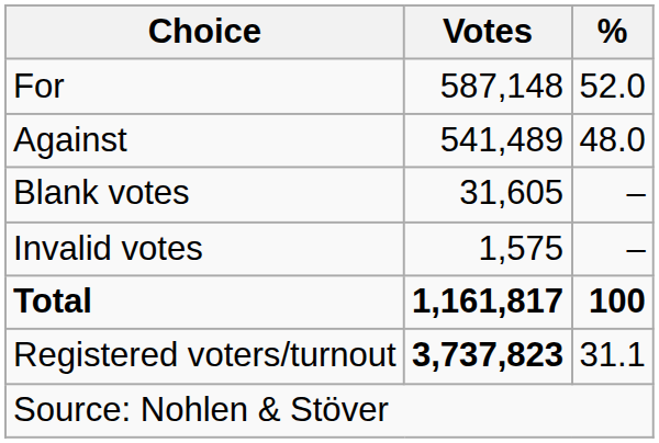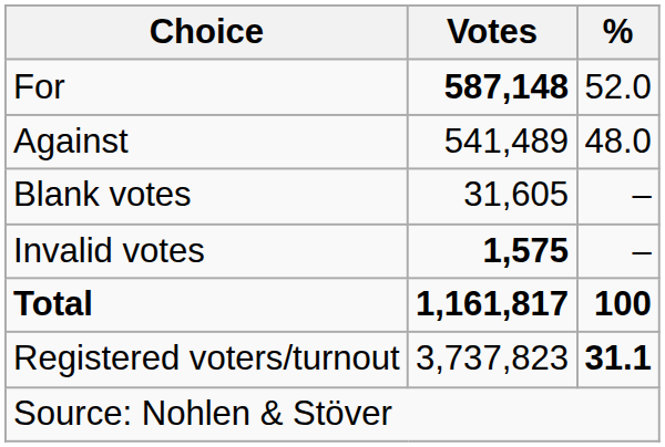 <table class=wikitable style=text-align:right>
 <tr>
 <th>Choice</th>
 <th>Votes</th>
 <th>%</th>
 </tr>
 <tr>
 <td align=left>For</td>
-<td>587,148</td>
+<td><strong>587,148</strong></td>
 <td>52.0</td>
 </tr>
 <tr>
 <td align=left>Against</td>
 <td>541,489</td>
 <td>48.0</td>
 </tr>
 <tr>
 <td align=left>Blank votes</td>
 <td>31,605</td>
 <td>–</td>
 </tr>
 <tr>
 <td align=left>Invalid votes</td>
-<td>1,575</td>
+<td><strong>1,575</strong></td>
 <td>–</td>
 </tr>
 <tr>
 <td align=left><strong>Total</strong></td>
 <td><strong>1,161,817</strong></td>
 <td><strong>100</strong></td>
 </tr>
 <tr>
 <td align=left>Registered voters/turnout</td>
-<td><strong>3,737,823</strong></td>
-<td>31.1</td>
+<td>3,737,823</td>
+<td><strong>31.1</strong></td>
 </tr>
 <tr>
 <td align=left colspan=3>Source: Nohlen & Stöver</td>
 </tr>
 </table>
